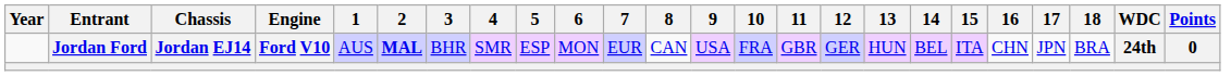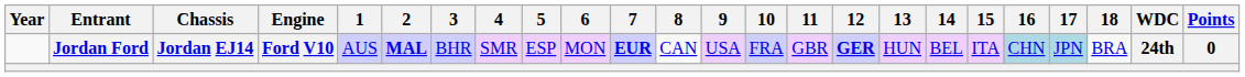 <table class="wikitable" style="text-align:center; font-size:85%">
 <tr>
 <th>Year</th>
 <th>Entrant</th>
 <th>Chassis</th>
 <th>Engine</th>
 <th>1</th>
 <th>2</th>
 <th>3</th>
 <th>4</th>
 <th>5</th>
 <th>6</th>
 <th>7</th>
 <th>8</th>
 <th>9</th>
 <th>10</th>
 <th>11</th>
 <th>12</th>
 <th>13</th>
 <th>14</th>
 <th>15</th>
 <th>16</th>
 <th>17</th>
 <th>18</th>
 <th>WDC</th>
 <th><a href='#'>Points</a></th>
 </tr>
 <tr>
 <td></td>
 <th nowrap><a href='#'>Jordan Ford</a></th>
 <th nowrap><a href='#'>Jordan</a> <a href='#'>EJ14</a></th>
 <th nowrap><a href='#'>Ford</a> <a href='#'>V10</a></th>
 <td style="background:#CFCFFF;"><a href='#'>AUS</a><br></td>
 <td style="background:#CFCFFF;"><strong><a href='#'>MAL</a><br></strong></td>
 <td style="background:#CFCFFF;"><a href='#'>BHR</a><br></td>
 <td style="background:#EFCFFF;"><a href='#'>SMR</a><br></td>
 <td style="background:#EFCFFF;"><a href='#'>ESP</a><br></td>
 <td style="background:#EFCFFF;"><a href='#'>MON</a><br></td>
-<td style="background:#CFCFFF;"><a href='#'>EUR</a><br></td>
+<td style="background:#CFCFFF;"><strong><a href='#'>EUR</a><br></strong></td>
 <td style="background:#;"><a href='#'>CAN</a><br></td>
 <td style="background:#EFCFFF;"><a href='#'>USA</a><br></td>
 <td style="background:#CFCFFF;"><a href='#'>FRA</a><br></td>
 <td style="background:#EFCFFF;"><a href='#'>GBR</a><br></td>
-<td style="background:#CFCFFF;"><a href='#'>GER</a><br></td>
+<td style="background:#CFCFFF;"><strong><a href='#'>GER</a><br></strong></td>
 <td style="background:#EFCFFF;"><a href='#'>HUN</a><br></td>
 <td style="background:#EFCFFF;"><a href='#'>BEL</a><br></td>
 <td style="background:#EFCFFF;"><a href='#'>ITA</a><br></td>
-<td><a href='#'>CHN</a></td>
-<td><a href='#'>JPN</a></td>
+<td style="background: lightblue;"><a href='#'>CHN</a></td>
+<td style="background: lightblue;"><a href='#'>JPN</a></td>
 <td><a href='#'>BRA</a></td>
 <th>24th</th>
 <th>0</th>
 </tr>
 <tr>
 <th colspan="24"></th>
 </tr>
 </table>
